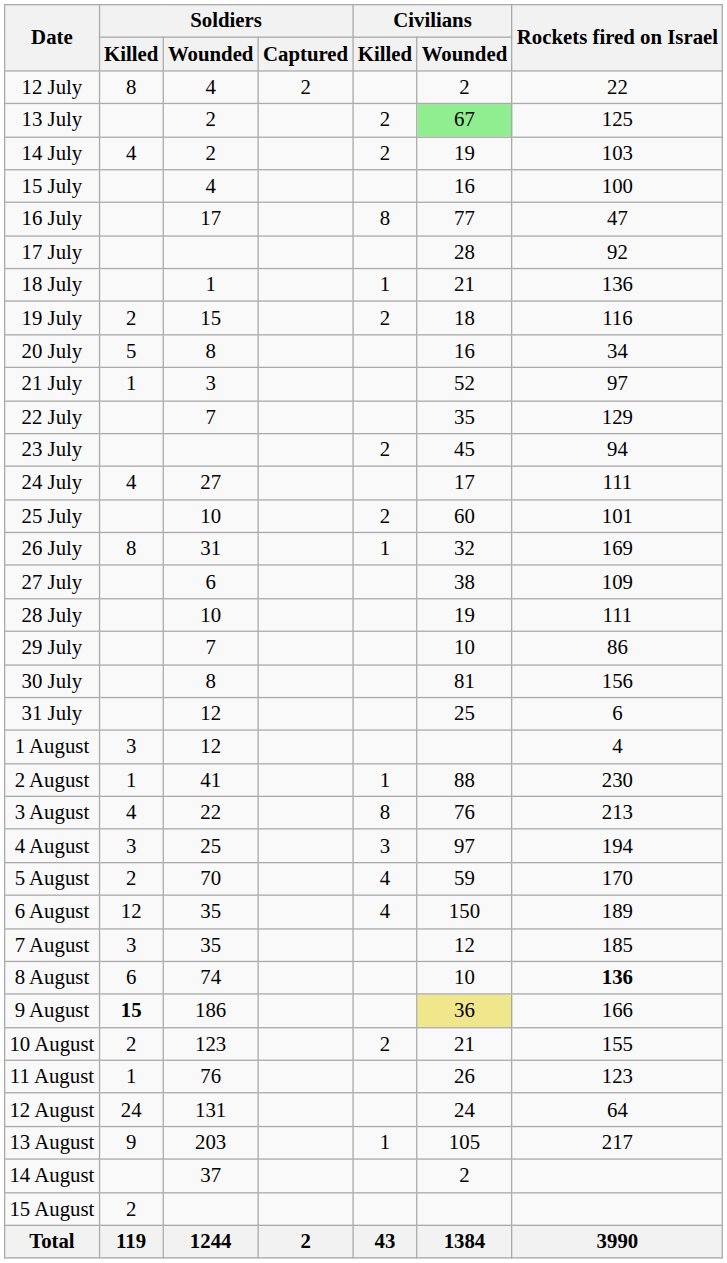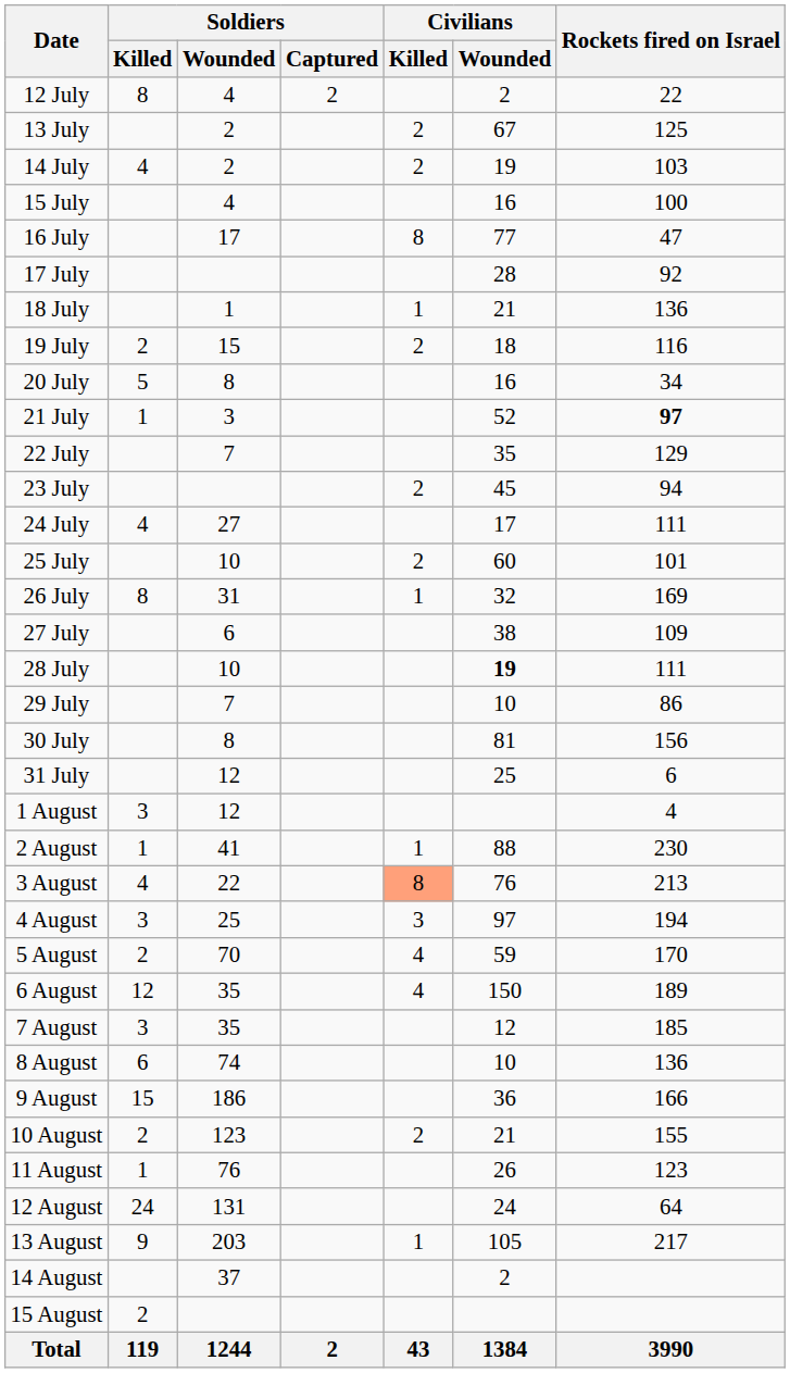 <table class="wikitable" style="text-align:center">
 <tr>
 <th rowspan="2">Date</th>
 <th colspan="3">Soldiers</th>
 <th colspan="2">Civilians</th>
 <th colspan="2" rowspan="2">Rockets fired on Israel</th>
 </tr>
 <tr>
 <th>Killed</th>
 <th>Wounded</th>
 <th>Captured</th>
 <th>Killed</th>
 <th>Wounded</th>
 </tr>
 <tr>
 <td>12 July</td>
 <td>8</td>
 <td>4</td>
 <td>2</td>
 <td></td>
 <td>2</td>
 <td>22</td>
 </tr>
 <tr>
 <td>13 July</td>
 <td></td>
 <td>2</td>
 <td></td>
 <td>2</td>
-<td style="background: lightgreen;">67</td>
+<td>67</td>
 <td>125</td>
 </tr>
 <tr>
 <td>14 July</td>
 <td>4</td>
 <td>2</td>
 <td></td>
 <td>2</td>
 <td>19</td>
 <td>103</td>
 </tr>
 <tr>
 <td>15 July</td>
 <td></td>
 <td>4</td>
 <td></td>
 <td></td>
 <td>16</td>
 <td>100</td>
 </tr>
 <tr>
 <td>16 July</td>
 <td></td>
 <td>17</td>
 <td></td>
 <td>8</td>
 <td>77</td>
 <td>47</td>
 </tr>
 <tr>
 <td>17 July</td>
 <td></td>
 <td></td>
 <td></td>
 <td></td>
 <td>28</td>
 <td>92</td>
 </tr>
 <tr>
 <td>18 July</td>
 <td></td>
 <td>1</td>
 <td></td>
 <td>1</td>
 <td>21</td>
 <td>136</td>
 </tr>
 <tr>
 <td>19 July</td>
 <td>2</td>
 <td>15</td>
 <td></td>
 <td>2</td>
 <td>18</td>
 <td>116</td>
 </tr>
 <tr>
 <td>20 July</td>
 <td>5</td>
 <td>8</td>
 <td></td>
 <td></td>
 <td>16</td>
 <td>34</td>
 </tr>
 <tr>
 <td>21 July</td>
 <td>1</td>
 <td>3</td>
 <td></td>
 <td></td>
 <td>52</td>
-<td>97</td>
+<td><strong>97</strong></td>
 </tr>
 <tr>
 <td>22 July</td>
 <td></td>
 <td>7</td>
 <td></td>
 <td></td>
 <td>35</td>
 <td>129</td>
 </tr>
 <tr>
 <td>23 July</td>
 <td></td>
 <td></td>
 <td></td>
 <td>2</td>
 <td>45</td>
 <td>94</td>
 </tr>
 <tr>
 <td>24 July</td>
 <td>4</td>
 <td>27</td>
 <td></td>
 <td></td>
 <td>17</td>
 <td>111</td>
 </tr>
 <tr>
 <td>25 July</td>
 <td></td>
 <td>10</td>
 <td></td>
 <td>2</td>
 <td>60</td>
 <td>101</td>
 </tr>
 <tr>
 <td>26 July</td>
 <td>8</td>
 <td>31</td>
 <td></td>
 <td>1</td>
 <td>32</td>
 <td>169</td>
 </tr>
 <tr>
 <td>27 July</td>
 <td></td>
 <td>6</td>
 <td></td>
 <td></td>
 <td>38</td>
 <td>109</td>
 </tr>
 <tr>
 <td>28 July</td>
 <td></td>
 <td>10</td>
 <td></td>
 <td></td>
-<td>19</td>
+<td><strong>19</strong></td>
 <td>111</td>
 </tr>
 <tr>
 <td>29 July</td>
 <td></td>
 <td>7</td>
 <td></td>
 <td></td>
 <td>10</td>
 <td>86</td>
 </tr>
 <tr>
 <td>30 July</td>
 <td></td>
 <td>8</td>
 <td></td>
 <td></td>
 <td>81</td>
 <td>156</td>
 </tr>
 <tr>
 <td>31 July</td>
 <td></td>
 <td>12</td>
 <td></td>
 <td></td>
 <td>25</td>
 <td>6</td>
 </tr>
 <tr>
 <td>1 August</td>
 <td>3</td>
 <td>12</td>
 <td></td>
 <td></td>
 <td></td>
 <td>4</td>
 </tr>
 <tr>
 <td>2 August</td>
 <td>1</td>
 <td>41</td>
 <td></td>
 <td>1</td>
 <td>88</td>
 <td>230</td>
 </tr>
 <tr>
 <td>3 August</td>
 <td>4</td>
 <td>22</td>
 <td></td>
-<td>8</td>
+<td style="background: lightsalmon;">8</td>
 <td>76</td>
 <td>213</td>
 </tr>
 <tr>
 <td>4 August</td>
 <td>3</td>
 <td>25</td>
 <td></td>
 <td>3</td>
 <td>97</td>
 <td>194</td>
 </tr>
 <tr>
 <td>5 August</td>
 <td>2</td>
 <td>70</td>
 <td></td>
 <td>4</td>
 <td>59</td>
 <td>170</td>
 </tr>
 <tr>
 <td>6 August</td>
 <td>12</td>
 <td>35</td>
 <td></td>
 <td>4</td>
 <td>150</td>
 <td>189</td>
 </tr>
 <tr>
 <td>7 August</td>
 <td>3</td>
 <td>35</td>
 <td></td>
 <td></td>
 <td>12</td>
 <td>185</td>
 </tr>
 <tr>
 <td>8 August</td>
 <td>6</td>
 <td>74</td>
 <td></td>
 <td></td>
 <td>10</td>
-<td><strong>136</strong></td>
+<td>136</td>
 </tr>
 <tr>
 <td>9 August</td>
-<td><strong>15</strong></td>
+<td>15</td>
 <td>186</td>
 <td></td>
 <td></td>
-<td style="background: khaki;">36</td>
+<td>36</td>
 <td>166</td>
 </tr>
 <tr>
 <td>10 August</td>
 <td>2</td>
 <td>123</td>
 <td></td>
 <td>2</td>
 <td>21</td>
 <td>155</td>
 </tr>
 <tr>
 <td>11 August</td>
 <td>1</td>
 <td>76</td>
 <td></td>
 <td></td>
 <td>26</td>
 <td>123</td>
 </tr>
 <tr>
 <td>12 August</td>
 <td>24</td>
 <td>131</td>
 <td></td>
 <td></td>
 <td>24</td>
 <td>64</td>
 </tr>
 <tr>
 <td>13 August</td>
 <td>9</td>
 <td>203</td>
 <td></td>
 <td>1</td>
 <td>105</td>
 <td>217</td>
 </tr>
 <tr>
 <td>14 August</td>
 <td></td>
 <td>37</td>
 <td></td>
 <td></td>
 <td>2</td>
 <td></td>
 </tr>
 <tr>
 <td>15 August</td>
 <td>2</td>
 <td></td>
 <td></td>
 <td></td>
 <td></td>
 <td></td>
 </tr>
 <tr>
 <th>Total</th>
 <th>119</th>
 <th>1244</th>
 <th>2</th>
 <th>43</th>
 <th>1384</th>
 <th>3990</th>
 </tr>
 </table>
